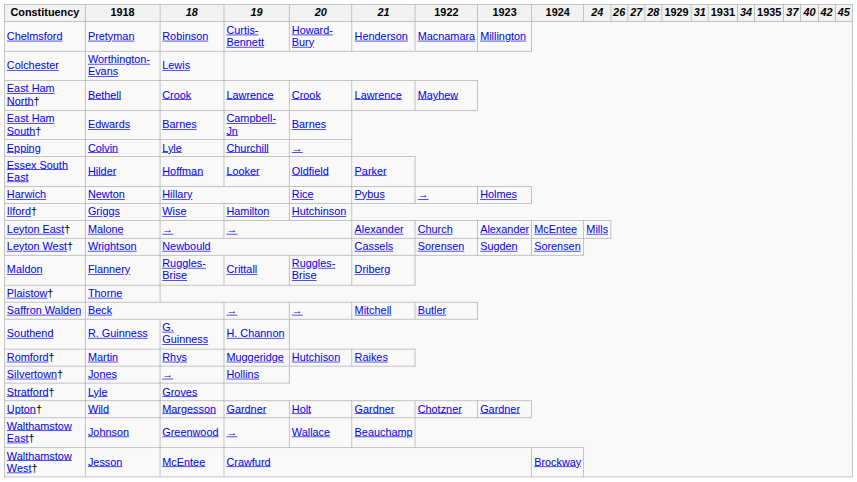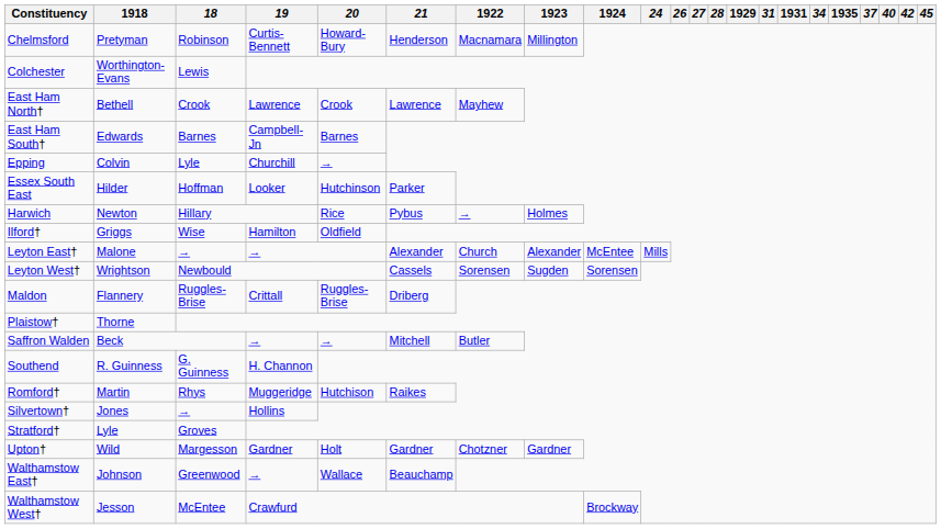 <table class="wikitable">
 <tr>
 <th>Constituency</th>
 <th>1918</th>
 <th><em>18</em></th>
 <th><em>19</em></th>
 <th><em>20</em></th>
 <th><em>21</em></th>
 <th>1922</th>
 <th>1923</th>
 <th>1924</th>
 <th><em>24</em></th>
 <th><em>26</em></th>
 <th><em>27</em></th>
 <th><em>28</em></th>
 <th>1929</th>
 <th><em>31</em></th>
 <th>1931</th>
 <th><em>34</em></th>
 <th>1935</th>
 <th><em>37</em></th>
 <th><em>40</em></th>
 <th><em>42</em></th>
 <th><em>45</em></th>
 </tr>
 <tr>
 <td><a href='#'>Chelmsford</a></td>
 <td><a href='#'>Pretyman</a></td>
 <td><a href='#'>Robinson</a></td>
 <td><a href='#'>Curtis-Bennett</a></td>
 <td><a href='#'>Howard-Bury</a></td>
 <td><a href='#'>Henderson</a></td>
 <td><a href='#'>Macnamara</a></td>
 <td><a href='#'>Millington</a></td>
 </tr>
 <tr>
 <td><a href='#'>Colchester</a></td>
 <td><a href='#'>Worthington-Evans</a></td>
 <td><a href='#'>Lewis</a></td>
 </tr>
 <tr>
 <td><a href='#'>East Ham North</a>†</td>
 <td><a href='#'>Bethell</a></td>
 <td><a href='#'>Crook</a></td>
 <td><a href='#'>Lawrence</a></td>
 <td><a href='#'>Crook</a></td>
 <td><a href='#'>Lawrence</a></td>
 <td><a href='#'>Mayhew</a></td>
 </tr>
 <tr>
 <td><a href='#'>East Ham South</a>†</td>
 <td><a href='#'>Edwards</a></td>
 <td><a href='#'>Barnes</a></td>
 <td><a href='#'>Campbell-Jn</a></td>
 <td><a href='#'>Barnes</a></td>
 </tr>
 <tr>
 <td><a href='#'>Epping</a></td>
 <td><a href='#'>Colvin</a></td>
 <td><a href='#'>Lyle</a></td>
 <td><a href='#'>Churchill</a></td>
 <td><a href='#'>→</a></td>
 </tr>
 <tr>
 <td><a href='#'>Essex South East</a></td>
 <td><a href='#'>Hilder</a></td>
 <td><a href='#'>Hoffman</a></td>
 <td><a href='#'>Looker</a></td>
-<td><a href='#'>Oldfield</a></td>
+<td><a href='#'>Hutchinson</a></td>
 <td><a href='#'>Parker</a></td>
 </tr>
 <tr>
 <td><a href='#'>Harwich</a></td>
 <td><a href='#'>Newton</a></td>
 <td colspan="2"><a href='#'>Hillary</a></td>
 <td><a href='#'>Rice</a></td>
 <td><a href='#'>Pybus</a></td>
 <td><a href='#'>→</a></td>
 <td><a href='#'>Holmes</a></td>
 </tr>
 <tr>
 <td><a href='#'>Ilford</a>†</td>
 <td><a href='#'>Griggs</a></td>
 <td><a href='#'>Wise</a></td>
 <td><a href='#'>Hamilton</a></td>
-<td><a href='#'>Hutchinson</a></td>
+<td><a href='#'>Oldfield</a></td>
 </tr>
 <tr>
 <td><a href='#'>Leyton East</a>†</td>
 <td><a href='#'>Malone</a></td>
 <td><a href='#'>→</a></td>
 <td colspan="2"><a href='#'>→</a></td>
 <td><a href='#'>Alexander</a></td>
 <td><a href='#'>Church</a></td>
 <td><a href='#'>Alexander</a></td>
 <td><a href='#'>McEntee</a></td>
 <td><a href='#'>Mills</a></td>
 </tr>
 <tr>
 <td><a href='#'>Leyton West</a>†</td>
 <td><a href='#'>Wrightson</a></td>
 <td colspan="3"><a href='#'>Newbould</a></td>
 <td><a href='#'>Cassels</a></td>
 <td><a href='#'>Sorensen</a></td>
 <td><a href='#'>Sugden</a></td>
 <td><a href='#'>Sorensen</a></td>
 </tr>
 <tr>
 <td><a href='#'>Maldon</a></td>
 <td><a href='#'>Flannery</a></td>
 <td><a href='#'>Ruggles-Brise</a></td>
 <td><a href='#'>Crittall</a></td>
 <td><a href='#'>Ruggles-Brise</a></td>
 <td><a href='#'>Driberg</a></td>
 </tr>
 <tr>
 <td><a href='#'>Plaistow</a>†</td>
 <td><a href='#'>Thorne</a></td>
 </tr>
 <tr>
 <td><a href='#'>Saffron Walden</a></td>
 <td colspan="2"><a href='#'>Beck</a></td>
 <td><a href='#'>→</a></td>
 <td><a href='#'>→</a></td>
 <td><a href='#'>Mitchell</a></td>
 <td><a href='#'>Butler</a></td>
 </tr>
 <tr>
 <td><a href='#'>Southend</a></td>
 <td><a href='#'>R. Guinness</a></td>
 <td><a href='#'>G. Guinness</a></td>
 <td><a href='#'>H. Channon</a></td>
 </tr>
 <tr>
 <td><a href='#'>Romford</a>†</td>
 <td><a href='#'>Martin</a></td>
 <td><a href='#'>Rhys</a></td>
 <td><a href='#'>Muggeridge</a></td>
 <td><a href='#'>Hutchison</a></td>
 <td><a href='#'>Raikes</a></td>
 </tr>
 <tr>
 <td><a href='#'>Silvertown</a>†</td>
 <td><a href='#'>Jones</a></td>
 <td><a href='#'>→</a></td>
 <td><a href='#'>Hollins</a></td>
 </tr>
 <tr>
 <td><a href='#'>Stratford</a>†</td>
 <td><a href='#'>Lyle</a></td>
 <td><a href='#'>Groves</a></td>
 </tr>
 <tr>
 <td><a href='#'>Upton</a>†</td>
 <td><a href='#'>Wild</a></td>
 <td><a href='#'>Margesson</a></td>
 <td><a href='#'>Gardner</a></td>
 <td><a href='#'>Holt</a></td>
 <td><a href='#'>Gardner</a></td>
 <td><a href='#'>Chotzner</a></td>
 <td><a href='#'>Gardner</a></td>
 </tr>
 <tr>
 <td><a href='#'>Walthamstow East</a>†</td>
 <td><a href='#'>Johnson</a></td>
 <td><a href='#'>Greenwood</a></td>
 <td><a href='#'>→</a></td>
 <td><a href='#'>Wallace</a></td>
 <td><a href='#'>Beauchamp</a></td>
 </tr>
 <tr>
 <td><a href='#'>Walthamstow West</a>†</td>
 <td><a href='#'>Jesson</a></td>
 <td><a href='#'>McEntee</a></td>
 <td colspan="5"><a href='#'>Crawfurd</a></td>
 <td><a href='#'>Brockway</a></td>
 </tr>
 </table>
